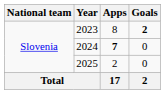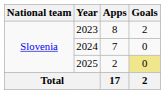 <table class="wikitable" style="text-align:center">
 <tr>
 <th>National team</th>
 <th>Year</th>
 <th>Apps</th>
 <th>Goals</th>
 </tr>
 <tr>
 <td rowspan="3"><a href='#'>Slovenia</a></td>
 <td>2023</td>
 <td>8</td>
-<td><strong>2</strong></td>
+<td>2</td>
 </tr>
 <tr>
 <td>2024</td>
-<td><strong>7</strong></td>
+<td>7</td>
 <td>0</td>
 </tr>
 <tr>
 <td>2025</td>
 <td>2</td>
-<td>0</td>
+<td style="background: khaki;">0</td>
 </tr>
 <tr>
 <th colspan="2">Total</th>
 <th>17</th>
 <th>2</th>
 </tr>
 </table>
